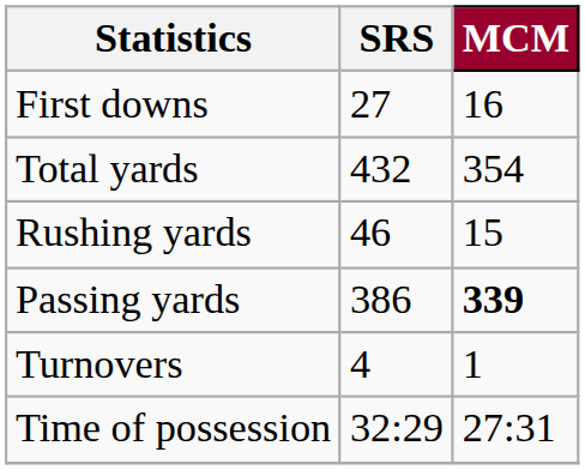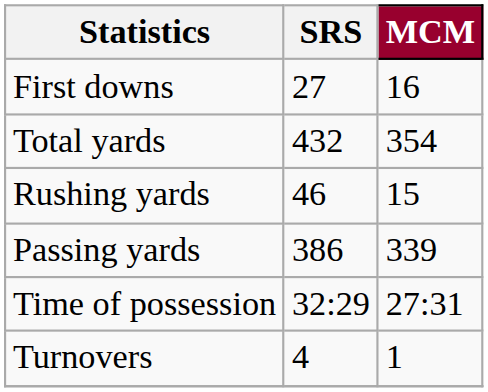 <table class="wikitable" style="float: left;">
 <tr>
 <th>Statistics</th>
 <th>SRS</th>
 <th style="background:#98002E; color:white; border:1px solid black">MCM</th>
 </tr>
 <tr>
 <td>First downs</td>
 <td>27</td>
 <td>16</td>
 </tr>
 <tr>
 <td>Total yards</td>
 <td>432</td>
 <td>354</td>
 </tr>
 <tr>
 <td>Rushing yards</td>
 <td>46</td>
 <td>15</td>
 </tr>
 <tr>
 <td>Passing yards</td>
 <td>386</td>
-<td><strong>339</strong></td>
+<td>339</td>
+</tr>
+<tr>
+<td>Time of possession</td>
+<td>32:29</td>
+<td>27:31</td>
 </tr>
 <tr>
 <td>Turnovers</td>
 <td>4</td>
 <td>1</td>
 </tr>
 <tr>
-<td>Time of possession</td>
-<td>32:29</td>
-<td>27:31</td>
-</tr>
-<tr>
 </tr>
 </table>
